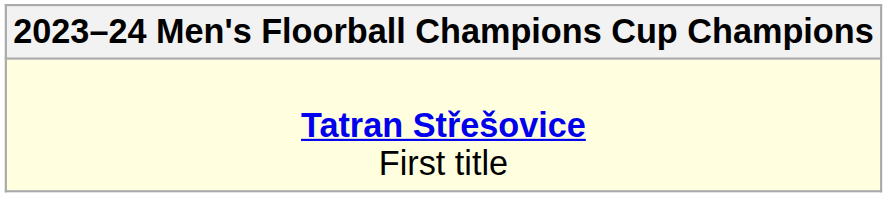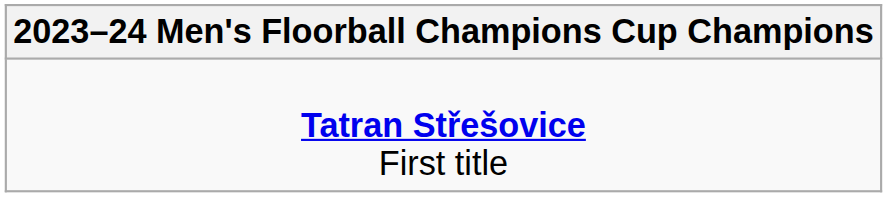 <table class=wikitable style="text-align:center; margin:auto">
 <tr>
 <th>2023–24 Men's Floorball Champions Cup Champions</th>
 </tr>
 <tr>
-<td style="background: lightyellow;"> <br><strong><a href='#'>Tatran Střešovice</a></strong><br>First title</td>
+<td> <br><strong><a href='#'>Tatran Střešovice</a></strong><br>First title</td>
 </tr>
 </table>
